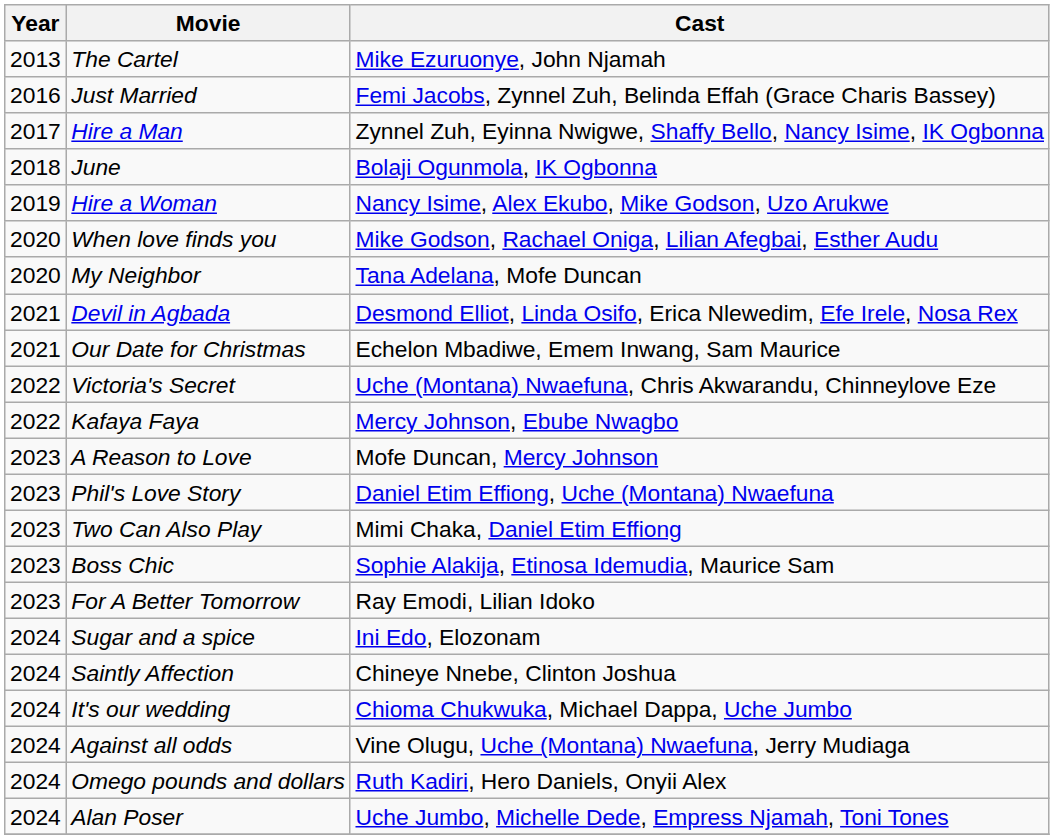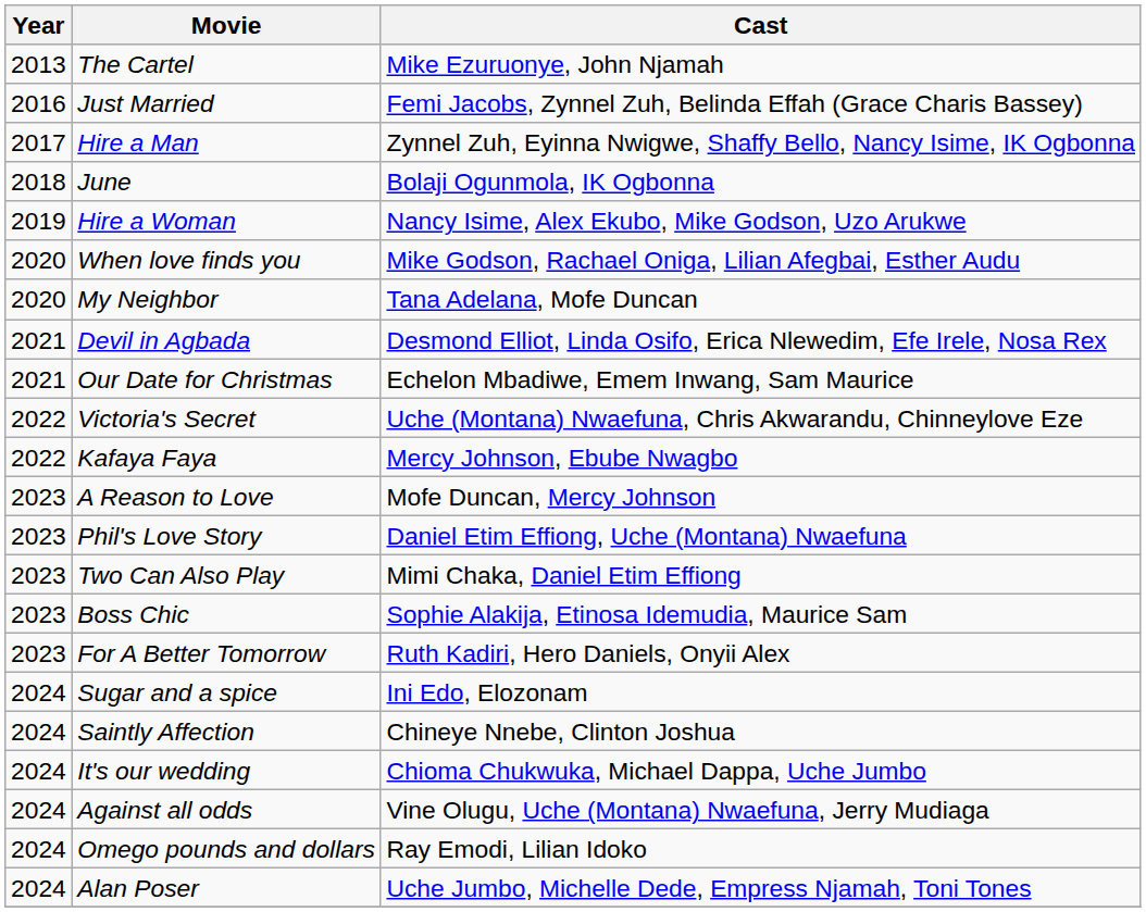 <table class="wikitable" style="font-size:95%;">
 <tr>
 <th>Year</th>
 <th>Movie</th>
 <th>Cast</th>
 </tr>
 <tr>
 <td>2013</td>
 <td><em>The Cartel</em></td>
 <td><a href='#'>Mike Ezuruonye</a>, John Njamah</td>
 </tr>
 <tr>
 <td>2016</td>
 <td><em>Just Married</em></td>
 <td><a href='#'>Femi Jacobs</a>, Zynnel Zuh, Belinda Effah (Grace Charis Bassey)</td>
 </tr>
 <tr>
 <td>2017</td>
 <td><a href='#'><em>Hire a Man</em></a></td>
 <td>Zynnel Zuh, Eyinna Nwigwe, <a href='#'>Shaffy Bello</a>, <a href='#'>Nancy Isime</a>, <a href='#'>IK Ogbonna</a></td>
 </tr>
 <tr>
 <td>2018</td>
 <td><em>June</em></td>
 <td><a href='#'>Bolaji Ogunmola</a>, <a href='#'>IK Ogbonna</a></td>
 </tr>
 <tr>
 <td>2019</td>
 <td><a href='#'><em>Hire a Woman</em></a></td>
 <td><a href='#'>Nancy Isime</a>, <a href='#'>Alex Ekubo</a>, <a href='#'>Mike Godson</a>, <a href='#'>Uzo Arukwe</a></td>
 </tr>
 <tr>
 <td>2020</td>
 <td><em>When love finds you</em></td>
 <td><a href='#'>Mike Godson</a>, <a href='#'>Rachael Oniga</a>, <a href='#'>Lilian Afegbai</a>, <a href='#'>Esther Audu</a></td>
 </tr>
 <tr>
 <td>2020</td>
 <td><em>My Neighbor</em></td>
 <td><a href='#'>Tana Adelana</a>, Mofe Duncan</td>
 </tr>
 <tr>
 <td>2021</td>
 <td><a href='#'><em>Devil in Agbada</em></a></td>
 <td><a href='#'>Desmond Elliot</a>, <a href='#'>Linda Osifo</a>, Erica Nlewedim, <a href='#'>Efe Irele</a>, <a href='#'>Nosa Rex</a></td>
 </tr>
 <tr>
 <td>2021</td>
 <td><em>Our Date for Christmas</em></td>
 <td>Echelon Mbadiwe, Emem Inwang, Sam Maurice</td>
 </tr>
 <tr>
 <td>2022</td>
 <td><em>Victoria's Secret</em></td>
 <td><a href='#'>Uche (Montana) Nwaefuna</a>, Chris Akwarandu, Chinneylove Eze</td>
 </tr>
 <tr>
 <td>2022</td>
 <td><em>Kafaya Faya</em></td>
 <td><a href='#'>Mercy Johnson</a>, <a href='#'>Ebube Nwagbo</a></td>
 </tr>
 <tr>
 <td>2023</td>
 <td><em>A Reason to Love</em></td>
 <td>Mofe Duncan, <a href='#'>Mercy Johnson</a></td>
 </tr>
 <tr>
 <td>2023</td>
 <td><em>Phil's Love Story</em></td>
 <td><a href='#'>Daniel Etim Effiong</a>,  <a href='#'>Uche (Montana) Nwaefuna</a></td>
 </tr>
 <tr>
 <td>2023</td>
 <td><em>Two Can Also Play</em></td>
 <td>Mimi Chaka, <a href='#'>Daniel Etim Effiong</a></td>
 </tr>
 <tr>
 <td>2023</td>
 <td><em>Boss Chic</em></td>
 <td><a href='#'>Sophie Alakija</a>, <a href='#'>Etinosa Idemudia</a>, Maurice Sam</td>
 </tr>
 <tr>
 <td>2023</td>
 <td><em>For A Better Tomorrow</em></td>
-<td>Ray Emodi, Lilian Idoko</td>
+<td><a href='#'>Ruth Kadiri</a>, Hero Daniels, Onyii Alex</td>
 </tr>
 <tr>
 <td>2024</td>
 <td><em>Sugar and a spice</em></td>
 <td><a href='#'>Ini Edo</a>, Elozonam</td>
 </tr>
 <tr>
 <td>2024</td>
 <td><em>Saintly Affection</em></td>
 <td>Chineye Nnebe, Clinton Joshua</td>
 </tr>
 <tr>
 <td>2024</td>
 <td><em>It's our wedding</em></td>
 <td><a href='#'>Chioma Chukwuka</a>, Michael Dappa, <a href='#'>Uche Jumbo</a></td>
 </tr>
 <tr>
 <td>2024</td>
 <td><em>Against all odds</em></td>
 <td>Vine Olugu, <a href='#'>Uche (Montana) Nwaefuna</a>, Jerry Mudiaga</td>
 </tr>
 <tr>
 <td>2024</td>
 <td><em>Omego pounds and dollars</em></td>
-<td><a href='#'>Ruth Kadiri</a>, Hero Daniels, Onyii Alex</td>
+<td>Ray Emodi, Lilian Idoko</td>
 </tr>
 <tr>
 <td>2024</td>
 <td><em>Alan Poser</em></td>
 <td><a href='#'>Uche Jumbo</a>, <a href='#'>Michelle Dede</a>, <a href='#'>Empress Njamah</a>, <a href='#'>Toni Tones</a></td>
 </tr>
 <tr>
 </tr>
 </table>
